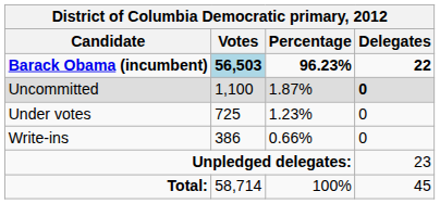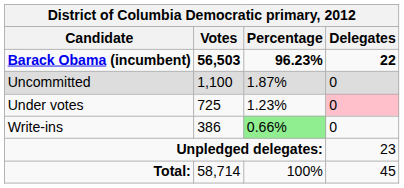 <table class=wikitable>
 <tr>
 <th colspan="4">District of Columbia Democratic primary, 2012</th>
 </tr>
 <tr>
 <th>Candidate</th>
 <th>Votes</th>
 <th>Percentage</th>
 <th>Delegates</th>
 </tr>
 <tr align="right" >
 <td align="left"><strong><a href='#'>Barack Obama</a></strong> <strong>(incumbent)</strong></td>
-<td style="background: lightblue;"><strong>56,503</strong></td>
+<td><strong>56,503</strong></td>
 <td><strong>96.23%</strong></td>
 <td><strong>22</strong></td>
 </tr>
 <tr bgcolor=DDDDDD>
 <td align="left">Uncommitted</td>
 <td>1,100</td>
 <td>1.87%</td>
-<td><strong>0</strong></td>
+<td>0</td>
 </tr>
 <tr>
 <td>Under votes</td>
 <td>725</td>
 <td>1.23%</td>
-<td>0</td>
+<td style="background: pink;">0</td>
 </tr>
 <tr>
 <td>Write-ins</td>
 <td>386</td>
-<td>0.66%</td>
+<td style="background: lightgreen;">0.66%</td>
 <td>0</td>
 </tr>
 <tr align="right">
 <td colspan="3"><strong>Unpledged delegates:</strong></td>
 <td>23</td>
 </tr>
 <tr align="right">
 <td><strong>Total:</strong></td>
 <td>58,714</td>
 <td>100%</td>
 <td>45</td>
 </tr>
 </table>
